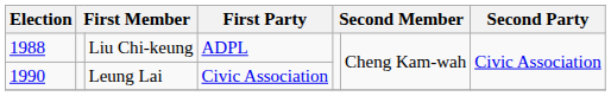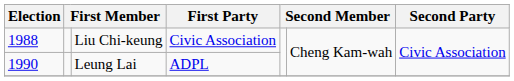 <table class="wikitable">
 <tr>
 <th>Election</th>
 <th colspan="2">First Member</th>
 <th>First Party</th>
 <th colspan="2">Second Member</th>
 <th>Second Party</th>
 </tr>
 <tr>
 <td><a href='#'>1988</a></td>
 <td style="background-color:"></td>
 <td>Liu Chi-keung</td>
-<td><a href='#'>ADPL</a></td>
+<td><a href='#'>Civic Association</a></td>
 <td rowspan=2 style="background-color:"></td>
 <td rowspan=2>Cheng Kam-wah</td>
 <td rowspan=2><a href='#'>Civic Association</a></td>
 </tr>
 <tr>
 <td><a href='#'>1990</a></td>
 <td style="background-color:"></td>
 <td>Leung Lai</td>
-<td><a href='#'>Civic Association</a></td>
+<td><a href='#'>ADPL</a></td>
 </tr>
 <tr>
 </tr>
 </table>
